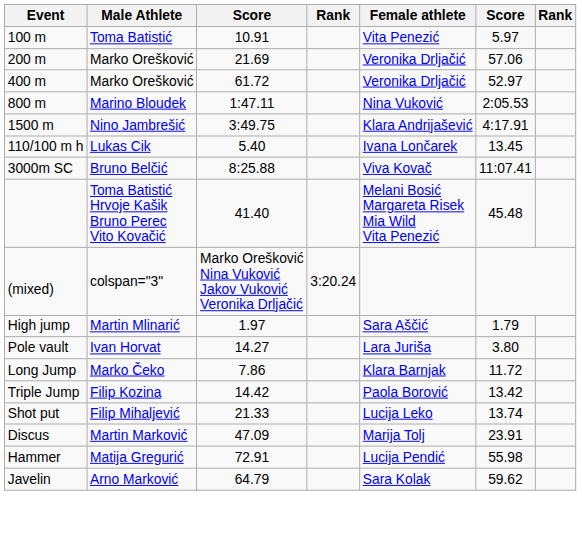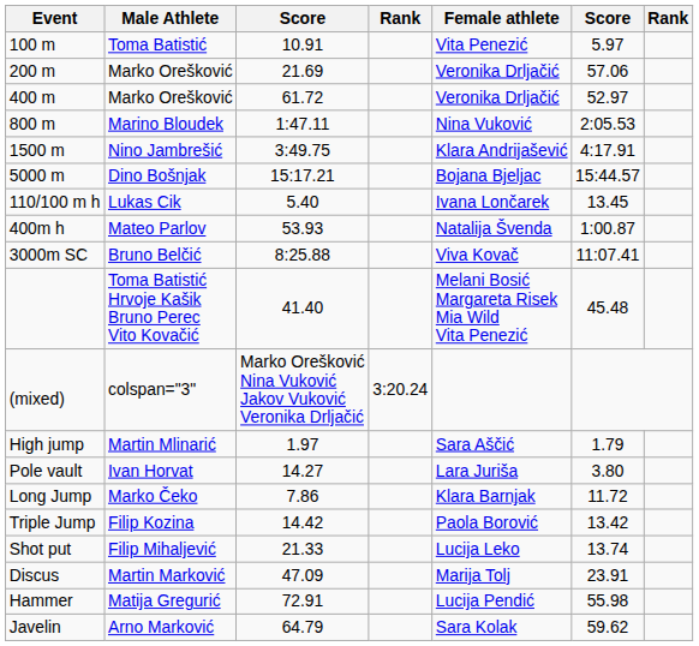 <table class="wikitable" style="text-align:left; font-size:90%">
 <tr>
 <th>Event</th>
 <th>Male Athlete</th>
 <th>Score</th>
 <th>Rank</th>
 <th>Female athlete</th>
 <th>Score</th>
 <th>Rank</th>
 </tr>
 <tr>
 <td align="left">100 m</td>
 <td><a href='#'>Toma Batistić</a></td>
 <td style="text-align:center">10.91</td>
 <td style="text-align:center"></td>
 <td><a href='#'>Vita Penezić</a></td>
 <td style="text-align:center">5.97</td>
 <td style="text-align:center"></td>
 </tr>
 <tr>
 <td>200 m</td>
 <td>Marko Orešković</td>
 <td style="text-align:center">21.69</td>
 <td style="text-align:center"></td>
 <td><a href='#'>Veronika Drljačić</a></td>
 <td style="text-align:center">57.06</td>
 <td style="text-align:center"></td>
 </tr>
 <tr>
 <td>400 m</td>
 <td>Marko Orešković</td>
 <td style="text-align:center">61.72</td>
 <td style="text-align:center"></td>
 <td><a href='#'>Veronika Drljačić</a></td>
 <td style="text-align:center">52.97</td>
 <td style="text-align:center"></td>
 </tr>
 <tr>
 <td>800 m</td>
 <td><a href='#'>Marino Bloudek</a></td>
 <td style="text-align:center">1:47.11</td>
 <td style="text-align:center"></td>
 <td><a href='#'>Nina Vuković</a></td>
 <td style="text-align:center">2:05.53</td>
 <td style="text-align:center"></td>
 </tr>
 <tr>
 <td>1500 m</td>
 <td><a href='#'>Nino Jambrešić</a></td>
 <td style="text-align:center">3:49.75</td>
 <td style="text-align:center"></td>
 <td><a href='#'>Klara Andrijašević</a></td>
 <td style="text-align:center">4:17.91</td>
 <td style="text-align:center"></td>
 </tr>
 <tr>
+<td>5000 m</td>
+<td><a href='#'>Dino Bošnjak</a></td>
+<td style="text-align:center">15:17.21</td>
+<td style="text-align:center"></td>
+<td><a href='#'>Bojana Bjeljac</a></td>
+<td style="text-align:center">15:44.57</td>
+<td style="text-align:center"></td>
+</tr>
+<tr>
 <td>110/100 m h</td>
 <td><a href='#'>Lukas Cik</a></td>
 <td style="text-align:center">5.40</td>
 <td style="text-align:center"></td>
 <td><a href='#'>Ivana Lončarek</a></td>
 <td style="text-align:center">13.45</td>
+<td style="text-align:center"></td>
+</tr>
+<tr>
+<td>400m h</td>
+<td><a href='#'>Mateo Parlov</a></td>
+<td style="text-align:center">53.93</td>
+<td style="text-align:center"></td>
+<td><a href='#'>Natalija Švenda</a></td>
+<td style="text-align:center">1:00.87</td>
 <td style="text-align:center"></td>
 </tr>
 <tr>
 <td>3000m SC</td>
 <td><a href='#'>Bruno Belčić</a></td>
 <td style="text-align:center">8:25.88</td>
 <td style="text-align:center"></td>
 <td><a href='#'>Viva Kovač</a></td>
 <td style="text-align:center">11:07.41</td>
 <td style="text-align:center"></td>
 </tr>
 <tr>
 <td></td>
 <td><a href='#'>Toma Batistić</a><br><a href='#'>Hrvoje Kašik</a><br><a href='#'>Bruno Perec</a><br><a href='#'>Vito Kovačić</a></td>
 <td style="text-align:center">41.40</td>
 <td style="text-align:center"></td>
 <td><a href='#'>Melani Bosić</a><br><a href='#'>Margareta Risek</a><br><a href='#'>Mia Wild</a><br><a href='#'>Vita Penezić</a></td>
 <td style="text-align:center">45.48</td>
 <td style="text-align:center"></td>
 </tr>
 <tr>
 <td><br>(mixed)</td>
 <td>colspan="3" </td>
 <td>Marko Orešković<br><a href='#'>Nina Vuković</a><br><a href='#'>Jakov Vuković</a><br><a href='#'>Veronika Drljačić</a></td>
 <td style="text-align:center">3:20.24</td>
 <td style="text-align:center"></td>
 </tr>
 <tr>
 <td>High jump</td>
 <td><a href='#'>Martin Mlinarić</a></td>
 <td style="text-align:center">1.97</td>
 <td style="text-align:center"></td>
 <td><a href='#'>Sara Aščić</a></td>
 <td style="text-align:center">1.79</td>
 <td style="text-align:center"></td>
 </tr>
 <tr>
 <td>Pole vault</td>
 <td><a href='#'>Ivan Horvat</a></td>
 <td style="text-align:center">14.27</td>
 <td style="text-align:center"></td>
 <td><a href='#'>Lara Juriša</a></td>
 <td style="text-align:center">3.80</td>
 <td style="text-align:center"></td>
 </tr>
 <tr>
 <td>Long Jump</td>
 <td><a href='#'>Marko Čeko</a></td>
 <td style="text-align:center">7.86</td>
 <td style="text-align:center"></td>
 <td><a href='#'>Klara Barnjak</a></td>
 <td style="text-align:center">11.72</td>
 <td style="text-align:center"></td>
 </tr>
 <tr>
 <td>Triple Jump</td>
 <td><a href='#'>Filip Kozina</a></td>
 <td style="text-align:center">14.42</td>
 <td style="text-align:center"></td>
 <td><a href='#'>Paola Borović</a></td>
 <td style="text-align:center">13.42</td>
 <td style="text-align:center"></td>
 </tr>
 <tr>
 <td>Shot put</td>
 <td><a href='#'>Filip Mihaljević</a></td>
 <td style="text-align:center">21.33</td>
 <td style="text-align:center"></td>
 <td><a href='#'>Lucija Leko</a></td>
 <td style="text-align:center">13.74</td>
 <td style="text-align:center"></td>
 </tr>
 <tr>
 <td>Discus</td>
 <td><a href='#'>Martin Marković</a></td>
 <td style="text-align:center">47.09</td>
 <td style="text-align:center"></td>
 <td><a href='#'>Marija Tolj</a></td>
 <td style="text-align:center">23.91</td>
 <td style="text-align:center"></td>
 </tr>
 <tr>
 <td>Hammer</td>
 <td><a href='#'>Matija Gregurić</a></td>
 <td style="text-align:center">72.91</td>
 <td style="text-align:center"></td>
 <td><a href='#'>Lucija Pendić</a></td>
 <td style="text-align:center">55.98</td>
 <td style="text-align:center"></td>
 </tr>
 <tr>
 <td>Javelin</td>
 <td><a href='#'>Arno Marković</a></td>
 <td style="text-align:center">64.79</td>
 <td style="text-align:center"></td>
 <td><a href='#'>Sara Kolak</a></td>
 <td style="text-align:center">59.62</td>
 <td style="text-align:center"></td>
 </tr>
 </table>
